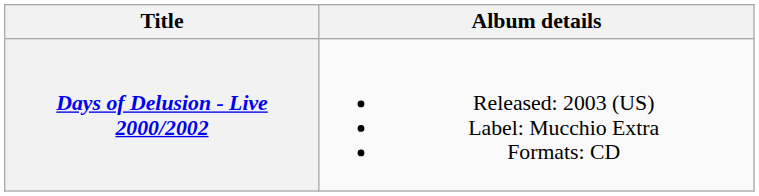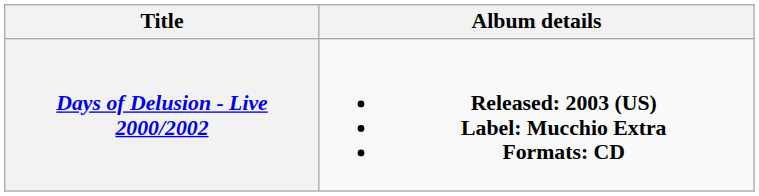 <table class="wikitable plainrowheaders" style="text-align:center;">
 <tr>
 <th scope="col" rowspan="1" style="width:14em;">Title</th>
 <th scope="col" rowspan="1" style="width:19.5em;">Album details</th>
 </tr>
 <tr>
 <th scope="row"><em><a href='#'>Days of Delusion - Live 2000/2002</a></em></th>
-<td><br><ul><li>Released: 2003 <span>(US)</span></li><li>Label: Mucchio Extra</li><li>Formats: CD</li></ul></td>
+<td><strong><br><ul><li>Released: 2003 <span>(US)</span></li><li>Label: Mucchio Extra</li><li>Formats: CD</li></ul></strong></td>
 </tr>
 </table>
